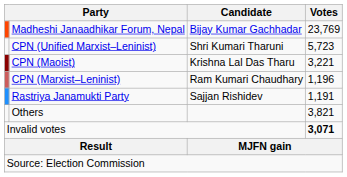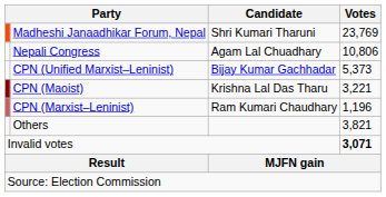 <table class="wikitable">
 <tr>
 <th colspan="2">Party</th>
 <th>Candidate</th>
 <th>Votes</th>
 </tr>
 <tr>
 <td style="background-color:orangered"></td>
 <td><a href='#'>Madheshi Janaadhikar Forum, Nepal</a></td>
-<td><a href='#'>Bijay Kumar Gachhadar</a></td>
+<td>Shri Kumari Tharuni</td>
 <td>23,769</td>
 </tr>
 <tr>
 <td style="background-color:"></td>
+<td><a href='#'>Nepali Congress</a></td>
+<td>Agam Lal Chuadhary</td>
+<td>10,806</td>
+</tr>
+<tr>
+<td style="background-color:"></td>
 <td><a href='#'>CPN (Unified Marxist–Leninist)</a></td>
-<td>Shri Kumari Tharuni</td>
-<td>5,723</td>
+<td><a href='#'>Bijay Kumar Gachhadar</a></td>
+<td>5,373</td>
 </tr>
 <tr>
 <td style="background-color:darkred"></td>
 <td><a href='#'>CPN (Maoist)</a></td>
 <td>Krishna Lal Das Tharu</td>
 <td>3,221</td>
 </tr>
 <tr>
 <td style="background-color:indianred"></td>
 <td><a href='#'>CPN (Marxist–Leninist)</a></td>
 <td>Ram Kumari Chaudhary</td>
 <td>1,196</td>
-</tr>
-<tr>
-<td style="background-color:dodgerblue"></td>
-<td><a href='#'>Rastriya Janamukti Party</a></td>
-<td>Sajjan Rishidev</td>
-<td>1,191</td>
 </tr>
 <tr>
 <td></td>
 <td>Others</td>
 <td></td>
 <td>3,821</td>
 </tr>
 <tr>
 <td colspan="3">Invalid votes</td>
 <td><strong>3,071</strong></td>
 </tr>
 <tr>
 <th colspan="2">Result</th>
 <th colspan="2">MJFN gain</th>
 </tr>
 <tr>
 <td colspan="4">Source: Election Commission</td>
 </tr>
 </table>
